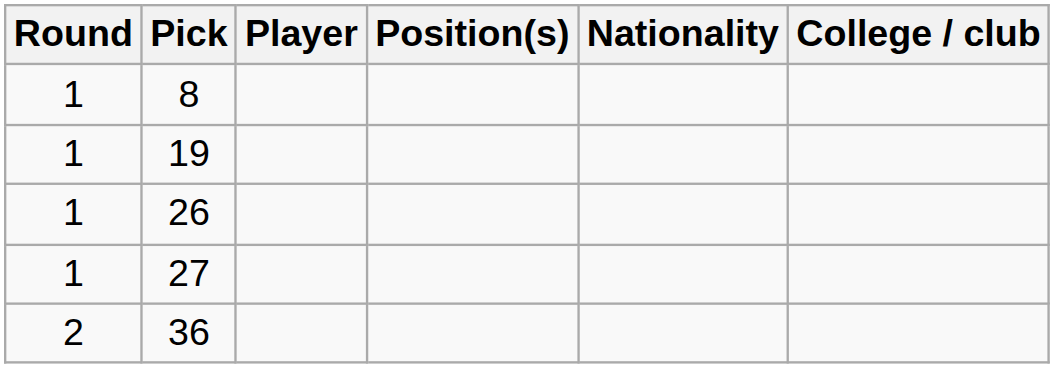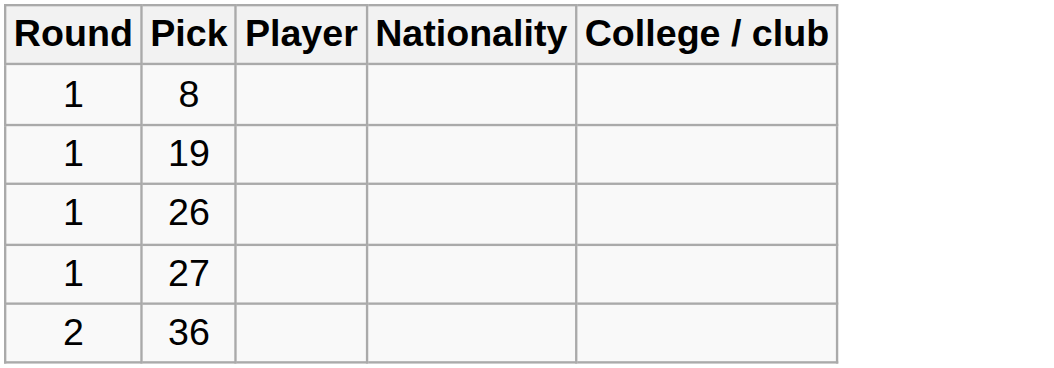 <table class="wikitable sortable sortable">
 <tr>
 <th>Round</th>
 <th>Pick</th>
 <th>Player</th>
-<th>Position(s)</th>
 <th>Nationality</th>
 <th>College / club</th>
 </tr>
 <tr style="text-align: center">
 <td>1</td>
 <td>8</td>
-<td></td>
 <td></td>
 <td></td>
 <td></td>
 </tr>
 <tr style="text-align: center">
 <td>1</td>
 <td>19</td>
 <td></td>
 <td></td>
 <td></td>
-<td></td>
 </tr>
 <tr style="text-align: center">
 <td>1</td>
 <td>26</td>
-<td></td>
 <td></td>
 <td></td>
 <td></td>
 </tr>
 <tr style="text-align: center">
 <td>1</td>
 <td>27</td>
 <td></td>
 <td></td>
 <td></td>
-<td></td>
 </tr>
 <tr style="text-align: center">
 <td>2</td>
 <td>36</td>
 <td></td>
 <td></td>
 <td></td>
-<td></td>
 </tr>
 </table>
